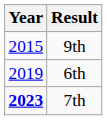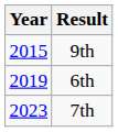 <table class="wikitable" style="text-align:center">
 <tr>
 <th>Year</th>
 <th>Result</th>
 </tr>
 <tr>
 <td><a href='#'>2015</a></td>
 <td>9th</td>
 </tr>
 <tr>
 <td><a href='#'>2019</a></td>
 <td>6th</td>
 </tr>
 <tr>
-<td><strong><a href='#'>2023</a></strong></td>
+<td><a href='#'>2023</a></td>
 <td>7th</td>
 </tr>
 </table>
